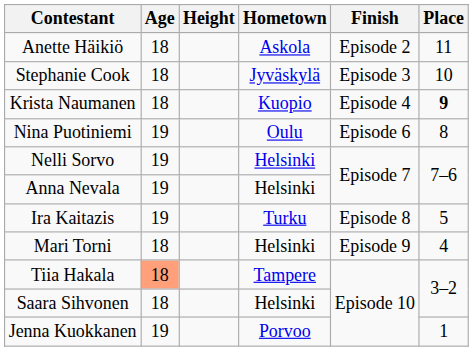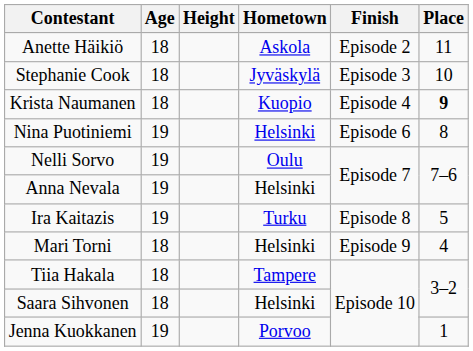 <table class="wikitable sortable" style="text-align:center;">
 <tr>
 <th>Contestant</th>
 <th>Age</th>
 <th>Height</th>
 <th>Hometown</th>
 <th>Finish</th>
 <th>Place</th>
 </tr>
 <tr>
 <td>Anette Häikiö</td>
 <td>18</td>
 <td></td>
 <td><a href='#'>Askola</a></td>
 <td>Episode 2</td>
 <td>11</td>
 </tr>
 <tr>
 <td>Stephanie Cook</td>
 <td>18</td>
 <td></td>
 <td><a href='#'>Jyväskylä</a></td>
 <td>Episode 3</td>
 <td>10</td>
 </tr>
 <tr>
 <td>Krista Naumanen</td>
 <td>18</td>
 <td></td>
 <td><a href='#'>Kuopio</a></td>
 <td>Episode 4</td>
 <td><strong>9</strong></td>
 </tr>
 <tr>
 <td>Nina Puotiniemi</td>
 <td>19</td>
 <td></td>
-<td><a href='#'>Oulu</a></td>
+<td><a href='#'>Helsinki</a></td>
 <td>Episode 6</td>
 <td>8</td>
 </tr>
 <tr>
 <td>Nelli Sorvo</td>
 <td>19</td>
 <td></td>
-<td><a href='#'>Helsinki</a></td>
+<td><a href='#'>Oulu</a></td>
 <td rowspan ="2">Episode 7</td>
 <td rowspan="2">7–6</td>
 </tr>
 <tr>
 <td>Anna Nevala</td>
 <td>19</td>
 <td></td>
 <td>Helsinki</td>
 </tr>
 <tr>
 <td>Ira Kaitazis</td>
 <td>19</td>
 <td></td>
 <td><a href='#'>Turku</a></td>
 <td>Episode 8</td>
 <td>5</td>
 </tr>
 <tr>
 <td>Mari Torni</td>
 <td>18</td>
 <td></td>
 <td>Helsinki</td>
 <td>Episode 9</td>
 <td>4</td>
 </tr>
 <tr>
 <td>Tiia Hakala</td>
-<td style="background: lightsalmon;">18</td>
+<td>18</td>
 <td></td>
 <td><a href='#'>Tampere</a></td>
 <td rowspan="3">Episode 10</td>
 <td rowspan="2">3–2</td>
 </tr>
 <tr>
 <td>Saara Sihvonen</td>
 <td>18</td>
 <td></td>
 <td>Helsinki</td>
 </tr>
 <tr>
 <td>Jenna Kuokkanen</td>
 <td>19</td>
 <td></td>
 <td><a href='#'>Porvoo</a></td>
 <td>1</td>
 </tr>
 </table>
